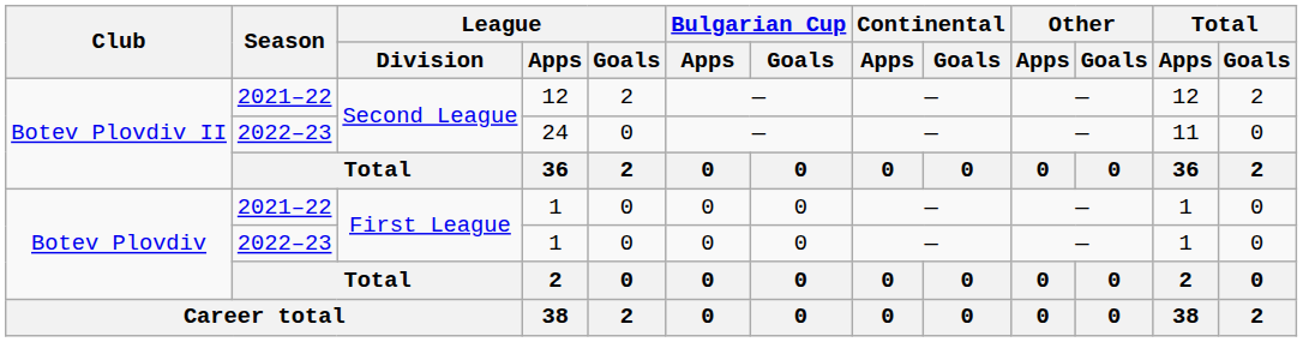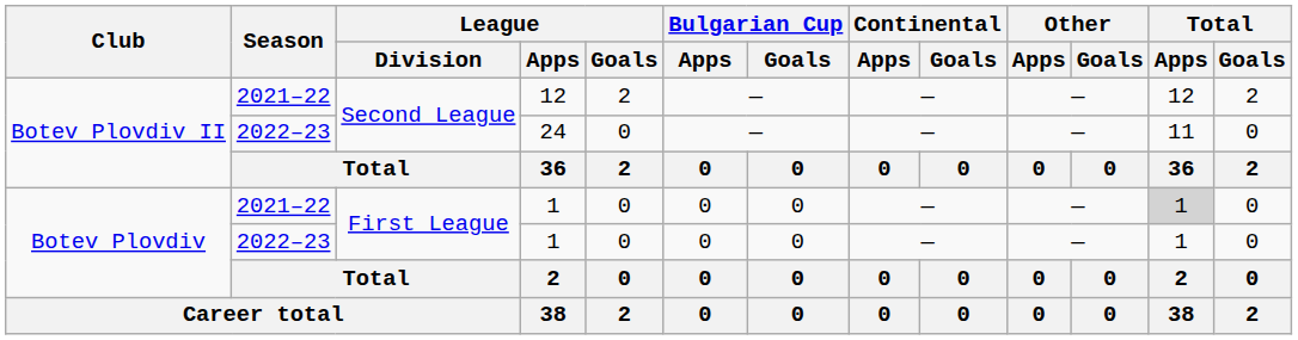 <table class="wikitable" style="text-align: center;">
 <tr>
 <th rowspan="2">Club</th>
 <th rowspan="2">Season</th>
 <th colspan="3">League</th>
 <th colspan="2"><a href='#'>Bulgarian Cup</a></th>
 <th colspan="2">Continental</th>
 <th colspan="2">Other</th>
 <th colspan="2">Total</th>
 </tr>
 <tr>
 <th>Division</th>
 <th>Apps</th>
 <th>Goals</th>
 <th>Apps</th>
 <th>Goals</th>
 <th>Apps</th>
 <th>Goals</th>
 <th>Apps</th>
 <th>Goals</th>
 <th>Apps</th>
 <th>Goals</th>
 </tr>
 <tr>
 <td rowspan="3" valign="center"><a href='#'>Botev Plovdiv II</a></td>
 <td><a href='#'>2021–22</a></td>
 <td rowspan="2"><a href='#'>Second League</a></td>
 <td>12</td>
 <td>2</td>
 <td colspan="2">—</td>
 <td colspan="2">—</td>
 <td colspan="2">—</td>
 <td>12</td>
 <td>2</td>
 </tr>
 <tr>
 <td><a href='#'>2022–23</a></td>
 <td>24</td>
 <td>0</td>
 <td colspan="2">—</td>
 <td colspan="2">—</td>
 <td colspan="2">—</td>
 <td>11</td>
 <td>0</td>
 </tr>
 <tr>
 <th colspan=2>Total</th>
 <th>36</th>
 <th>2</th>
 <th>0</th>
 <th>0</th>
 <th>0</th>
 <th>0</th>
 <th>0</th>
 <th>0</th>
 <th>36</th>
 <th>2</th>
 </tr>
 <tr>
 <td rowspan="3" valign="center"><a href='#'>Botev Plovdiv</a></td>
 <td><a href='#'>2021–22</a></td>
 <td rowspan="2"><a href='#'>First League</a></td>
 <td>1</td>
 <td>0</td>
 <td>0</td>
 <td>0</td>
 <td colspan="2">—</td>
 <td colspan="2">—</td>
-<td>1</td>
+<td style="background: lightgrey;">1</td>
 <td>0</td>
 </tr>
 <tr>
 <td><a href='#'>2022–23</a></td>
 <td>1</td>
 <td>0</td>
 <td>0</td>
 <td>0</td>
 <td colspan="2">—</td>
 <td colspan="2">—</td>
 <td>1</td>
 <td>0</td>
 </tr>
 <tr>
 <th colspan=2>Total</th>
 <th>2</th>
 <th>0</th>
 <th>0</th>
 <th>0</th>
 <th>0</th>
 <th>0</th>
 <th>0</th>
 <th>0</th>
 <th>2</th>
 <th>0</th>
 </tr>
 <tr>
 <th colspan="3"><strong>Career total</strong></th>
 <th>38</th>
 <th>2</th>
 <th>0</th>
 <th>0</th>
 <th>0</th>
 <th>0</th>
 <th>0</th>
 <th>0</th>
 <th>38</th>
 <th>2</th>
 </tr>
 </table>
